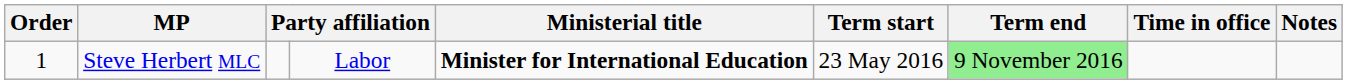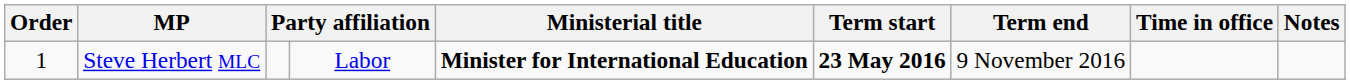 <table class="wikitable" style="text-align:center">
 <tr>
 <th>Order</th>
 <th>MP</th>
 <th colspan="2">Party affiliation</th>
 <th>Ministerial title</th>
 <th>Term start</th>
 <th>Term end</th>
 <th>Time in office</th>
 <th>Notes</th>
 </tr>
 <tr>
 <td>1</td>
 <td><a href='#'>Steve Herbert</a> <a href='#'><small>MLC</small></a></td>
 <td></td>
 <td><a href='#'>Labor</a></td>
 <td><strong>Minister for International Education</strong></td>
-<td>23 May 2016</td>
-<td style="background: lightgreen;">9 November 2016</td>
+<td><strong>23 May 2016</strong></td>
+<td>9 November 2016</td>
 <td></td>
 <td></td>
 </tr>
 </table>
